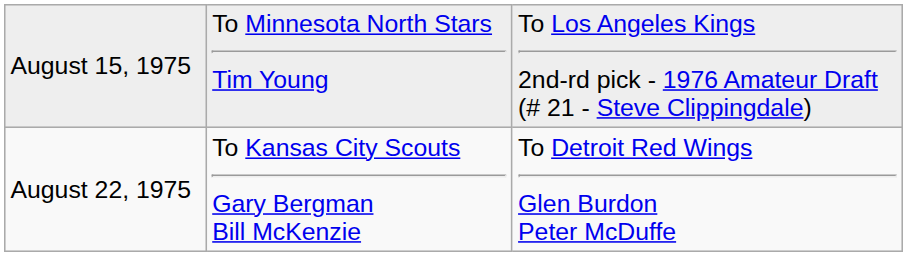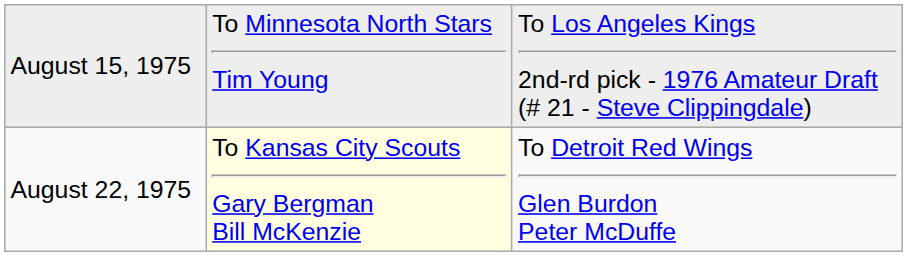 <table class="wikitable" style="border:1px solid #999; width:580px;">
 <tr style="background:#eee;">
 <td>August 15, 1975</td>
 <td valign="top">To <a href='#'>Minnesota North Stars</a><hr><a href='#'>Tim Young</a></td>
 <td valign="top">To <a href='#'>Los Angeles Kings</a><hr>2nd-rd pick - <a href='#'>1976 Amateur Draft</a><br>(# 21 - <a href='#'>Steve Clippingdale</a>)</td>
 </tr>
 <tr>
 <td>August 22, 1975</td>
-<td valign="top">To <a href='#'>Kansas City Scouts</a><hr><a href='#'>Gary Bergman</a><br><a href='#'>Bill McKenzie</a></td>
+<td valign="top" style="background: lightyellow;">To <a href='#'>Kansas City Scouts</a><hr><a href='#'>Gary Bergman</a><br><a href='#'>Bill McKenzie</a></td>
 <td valign="top">To <a href='#'>Detroit Red Wings</a><hr><a href='#'>Glen Burdon</a><br><a href='#'>Peter McDuffe</a></td>
 </tr>
 </table>
